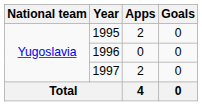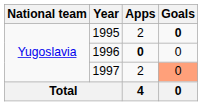 <table class="wikitable" style="text-align:center">
 <tr>
 <th>National team</th>
 <th>Year</th>
 <th>Apps</th>
 <th>Goals</th>
 </tr>
 <tr>
 <td rowspan="3" style="vertical-align:center"><a href='#'>Yugoslavia</a></td>
 <td>1995</td>
 <td>2</td>
-<td>0</td>
+<td><strong>0</strong></td>
 </tr>
 <tr>
 <td>1996</td>
-<td>0</td>
+<td><strong>0</strong></td>
 <td>0</td>
 </tr>
 <tr>
 <td>1997</td>
 <td>2</td>
-<td>0</td>
+<td style="background: lightsalmon;">0</td>
 </tr>
 <tr>
 <th colspan="2">Total</th>
 <th>4</th>
 <th>0</th>
 </tr>
 </table>
